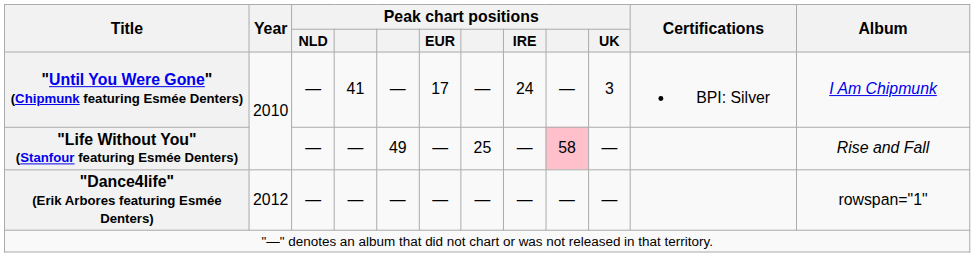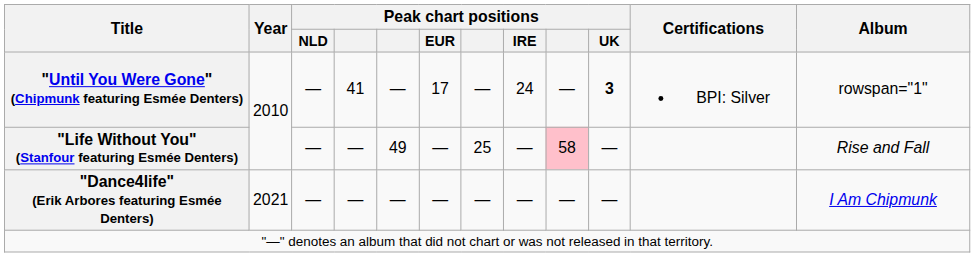 <table class="wikitable plainrowheaders" style="text-align:center;">
 <tr>
 <th scope="col" rowspan="2" style="width:15em;">Title</th>
 <th scope="col" rowspan="2" style="width:1em;">Year</th>
 <th scope="colgroup" colspan="8">Peak chart positions</th>
 <th scope="col" rowspan="2" style="width:10em;">Certifications</th>
 <th scope="col" rowspan="2" style="width:10.5em;">Album</th>
 </tr>
 <tr>
 <th scope="col" style="width:2.5em;font-size:90%;">NLD<br></th>
 <th scope="col" style="width:2.5em;font-size:90%;"><a href='#'></a><br></th>
 <th scope="col" style="width:2.5em;font-size:90%;"><a href='#'></a><br></th>
 <th scope="col" style="width:2.5em;font-size:90%;">EUR<br></th>
 <th scope="col" style="width:2.5em;font-size:90%;"><a href='#'></a><br></th>
 <th scope="col" style="width:2.5em;font-size:90%;">IRE<br></th>
 <th scope="col" style="width:2.5em;font-size:90%;"><a href='#'></a><br></th>
 <th scope="col" style="width:2.5em;font-size:90%;">UK<br></th>
 </tr>
 <tr>
 <th scope="row">"<a href='#'>Until You Were Gone</a>"<br><small>(<a href='#'>Chipmunk</a> featuring Esmée Denters)</small></th>
 <td rowspan="2">2010</td>
 <td>—</td>
 <td>41</td>
 <td>—</td>
 <td>17</td>
 <td>—</td>
 <td>24</td>
 <td>—</td>
-<td>3</td>
+<td><strong>3</strong></td>
 <td><br><ul><li>BPI: Silver</li></ul></td>
-<td><em><a href='#'>I Am Chipmunk</a></em></td>
+<td>rowspan="1" </td>
 </tr>
 <tr>
 <th scope="row">"Life Without You"<br><small>(<a href='#'>Stanfour</a> featuring Esmée Denters)</small></th>
 <td>—</td>
 <td>—</td>
 <td>49</td>
 <td>—</td>
 <td>25</td>
 <td>—</td>
 <td style="background: pink;">58</td>
 <td>—</td>
 <td></td>
 <td><em>Rise and Fall</em></td>
 </tr>
 <tr>
 <th scope="row">"Dance4life"<br><small>(Erik Arbores featuring Esmée Denters)</small></th>
-<td>2012</td>
+<td>2021</td>
 <td>—</td>
 <td>—</td>
 <td>—</td>
 <td>—</td>
 <td>—</td>
 <td>—</td>
 <td>—</td>
 <td>—</td>
 <td></td>
-<td>rowspan="1" </td>
+<td><em><a href='#'>I Am Chipmunk</a></em></td>
 </tr>
 <tr>
 <td colspan="14" style="font-size:85%">"—" denotes an album that did not chart or was not released in that territory.</td>
 </tr>
 </table>
